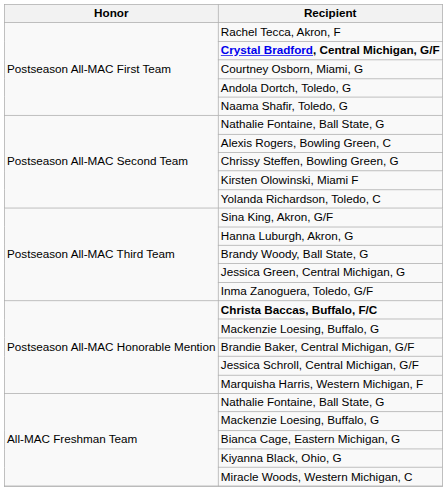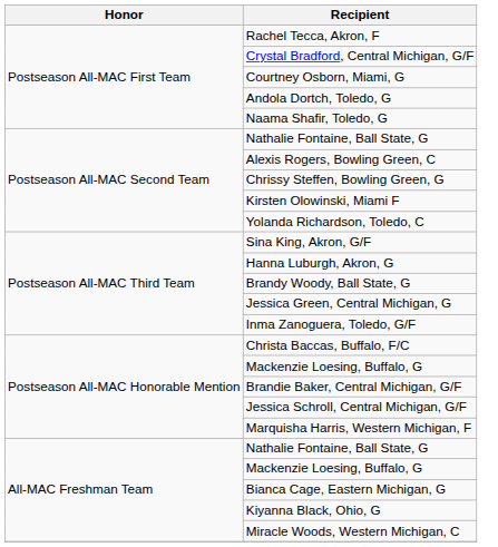 <table class="wikitable" border="1">
 <tr>
 <th>Honor</th>
 <th>Recipient</th>
 </tr>
 <tr>
 <td rowspan=5 valign=middle>Postseason All-MAC First Team</td>
 <td>Rachel Tecca, Akron, F</td>
 </tr>
 <tr>
-<td><strong><a href='#'>Crystal Bradford</a>, Central Michigan, G/F</strong></td>
+<td><a href='#'>Crystal Bradford</a>, Central Michigan, G/F</td>
 </tr>
 <tr>
 <td>Courtney Osborn, Miami, G</td>
 </tr>
 <tr>
 <td>Andola Dortch, Toledo, G</td>
 </tr>
 <tr>
 <td>Naama Shafir, Toledo, G</td>
 </tr>
 <tr>
 <td rowspan=5 valign=middle>Postseason All-MAC Second Team</td>
 <td>Nathalie Fontaine, Ball State, G</td>
 </tr>
 <tr>
 <td>Alexis Rogers, Bowling Green, C</td>
 </tr>
 <tr>
 <td>Chrissy Steffen, Bowling Green, G</td>
 </tr>
 <tr>
 <td>Kirsten Olowinski, Miami F</td>
 </tr>
 <tr>
 <td>Yolanda Richardson, Toledo, C</td>
 </tr>
 <tr>
 <td rowspan=5 valign=middle>Postseason All-MAC Third Team</td>
 <td>Sina King, Akron, G/F</td>
 </tr>
 <tr>
 <td>Hanna Luburgh, Akron, G</td>
 </tr>
 <tr>
 <td>Brandy Woody, Ball State, G</td>
 </tr>
 <tr>
 <td>Jessica Green, Central Michigan, G</td>
 </tr>
 <tr>
 <td>Inma Zanoguera, Toledo, G/F</td>
 </tr>
 <tr>
 <td rowspan=5 valign=middle>Postseason All-MAC Honorable Mention</td>
-<td><strong>Christa Baccas, Buffalo, F/C</strong></td>
+<td>Christa Baccas, Buffalo, F/C</td>
 </tr>
 <tr>
 <td>Mackenzie Loesing, Buffalo, G</td>
 </tr>
 <tr>
 <td>Brandie Baker, Central Michigan, G/F</td>
 </tr>
 <tr>
 <td>Jessica Schroll, Central Michigan, G/F</td>
 </tr>
 <tr>
 <td>Marquisha Harris, Western Michigan, F</td>
 </tr>
 <tr>
 <td rowspan=5 valign=middle>All-MAC Freshman Team</td>
 <td>Nathalie Fontaine, Ball State, G</td>
 </tr>
 <tr>
 <td>Mackenzie Loesing, Buffalo, G</td>
 </tr>
 <tr>
 <td>Bianca Cage, Eastern Michigan, G</td>
 </tr>
 <tr>
 <td>Kiyanna Black, Ohio, G</td>
 </tr>
 <tr>
 <td>Miracle Woods, Western Michigan, C</td>
 </tr>
 <tr>
 </tr>
 </table>
